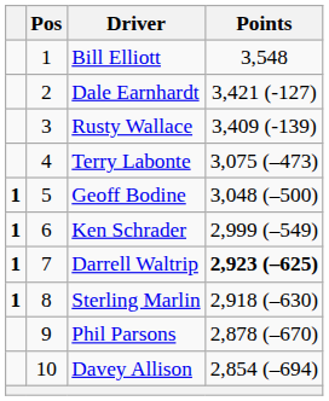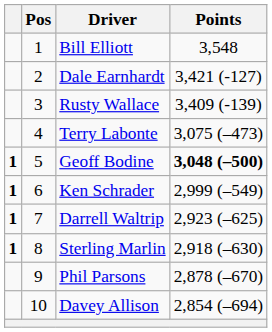 <table class="wikitable" style="font-size: 95%;">
 <tr>
 <th></th>
 <th>Pos</th>
 <th>Driver</th>
 <th>Points</th>
 </tr>
 <tr>
 <td align="left"></td>
 <td style="text-align:center;">1</td>
 <td><a href='#'>Bill Elliott</a></td>
 <td style="text-align:center;">3,548</td>
 </tr>
 <tr>
 <td align="left"></td>
 <td style="text-align:center;">2</td>
 <td><a href='#'>Dale Earnhardt</a></td>
 <td style="text-align:center;">3,421 (-127)</td>
 </tr>
 <tr>
 <td align="left"></td>
 <td style="text-align:center;">3</td>
 <td><a href='#'>Rusty Wallace</a></td>
 <td style="text-align:center;">3,409 (-139)</td>
 </tr>
 <tr>
 <td align="left"></td>
 <td style="text-align:center;">4</td>
 <td><a href='#'>Terry Labonte</a></td>
 <td style="text-align:center;">3,075 (–473)</td>
 </tr>
 <tr>
 <td align="left">  <strong>1</strong></td>
 <td style="text-align:center;">5</td>
 <td><a href='#'>Geoff Bodine</a></td>
-<td style="text-align:center;">3,048 (–500)</td>
+<td style="text-align:center;"><strong>3,048 (–500)</strong></td>
 </tr>
 <tr>
 <td align="left">  <strong>1</strong></td>
 <td style="text-align:center;">6</td>
 <td><a href='#'>Ken Schrader</a></td>
 <td style="text-align:center;">2,999 (–549)</td>
 </tr>
 <tr>
 <td align="left">  <strong>1</strong></td>
 <td style="text-align:center;">7</td>
 <td><a href='#'>Darrell Waltrip</a></td>
-<td style="text-align:center;"><strong>2,923 (–625)</strong></td>
+<td style="text-align:center;">2,923 (–625)</td>
 </tr>
 <tr>
 <td align="left">  <strong>1</strong></td>
 <td style="text-align:center;">8</td>
 <td><a href='#'>Sterling Marlin</a></td>
 <td style="text-align:center;">2,918 (–630)</td>
 </tr>
 <tr>
 <td align="left"></td>
 <td style="text-align:center;">9</td>
 <td><a href='#'>Phil Parsons</a></td>
 <td style="text-align:center;">2,878 (–670)</td>
 </tr>
 <tr>
 <td align="left"></td>
 <td style="text-align:center;">10</td>
 <td><a href='#'>Davey Allison</a></td>
 <td style="text-align:center;">2,854 (–694)</td>
 </tr>
 <tr class="sortbottom">
 <th colspan="9"></th>
 </tr>
 </table>
